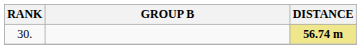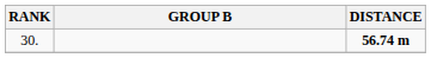 <table class="wikitable" style="border-collapse: collapse; font-size: 90%;">
 <tr>
 <th>RANK</th>
 <th style="width: 20em">GROUP B</th>
 <th style="width: 5em">DISTANCE</th>
 </tr>
 <tr>
 <td align="center">30.</td>
 <td></td>
-<td align="center" style="background: khaki;"><strong>56.74 m</strong></td>
+<td align="center"><strong>56.74 m</strong></td>
 </tr>
 <tr>
 </tr>
 </table>
